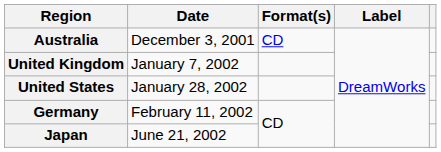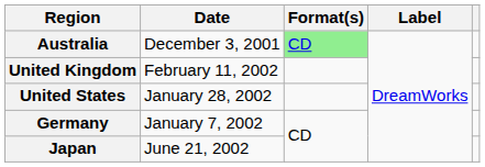 <table class="wikitable plainrowheaders">
 <tr>
 <th scope="col">Region</th>
 <th scope="col">Date</th>
 <th scope="col">Format(s)</th>
 <th scope="col">Label</th>
 <th scope="col"></th>
 </tr>
 <tr>
 <th scope="row">Australia</th>
 <td>December 3, 2001</td>
-<td><a href='#'>CD</a></td>
+<td style="background: lightgreen;"><a href='#'>CD</a></td>
 <td rowspan="5"><a href='#'>DreamWorks</a></td>
 <td align="center"></td>
 </tr>
 <tr>
 <th scope="row">United Kingdom</th>
-<td>January 7, 2002</td>
+<td>February 11, 2002</td>
 <td></td>
 <td align="center"></td>
 </tr>
 <tr>
 <th scope="row">United States</th>
 <td>January 28, 2002</td>
 <td></td>
 <td align="center"></td>
 </tr>
 <tr>
 <th scope="row">Germany</th>
-<td>February 11, 2002</td>
+<td>January 7, 2002</td>
 <td rowspan="2">CD</td>
 <td align="center"></td>
 </tr>
 <tr>
 <th scope="row">Japan</th>
 <td>June 21, 2002</td>
 <td></td>
 </tr>
 </table>
